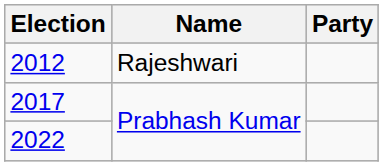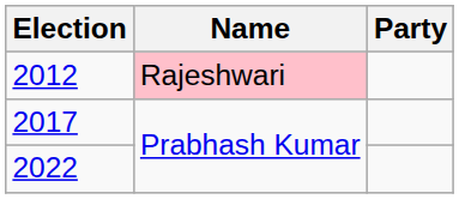 <table class="wikitable sortable">
 <tr>
 <th>Election</th>
 <th>Name</th>
 <th colspan=2>Party</th>
 </tr>
 <tr>
 <td><a href='#'>2012</a></td>
-<td>Rajeshwari</td>
+<td style="background: pink;">Rajeshwari</td>
 <td></td>
 </tr>
 <tr>
 <td><a href='#'>2017</a></td>
 <td rowspan=2><a href='#'>Prabhash Kumar</a></td>
 <td></td>
 </tr>
 <tr>
 <td><a href='#'>2022</a></td>
 </tr>
 </table>
